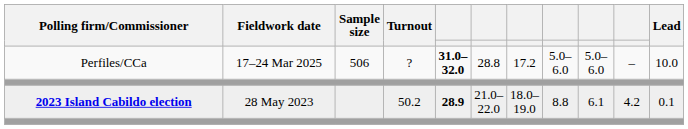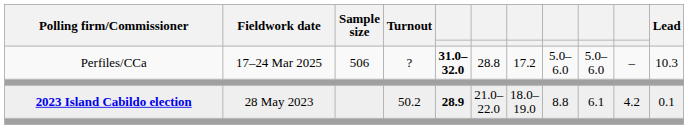 <table class="wikitable collapsible collapsed" style="text-align:center; font-size:95%; line-height:16px;">
 <tr style="height:42px;">
 <th style="width:250px;" rowspan="2">Polling firm/Commissioner</th>
 <th style="width:125px;" rowspan="2">Fieldwork date</th>
 <th style="width:50px;" rowspan="2">Sample size</th>
 <th style="width:45px;" rowspan="2">Turnout</th>
 <th style="width:35px;"></th>
 <th style="width:35px;"></th>
 <th style="width:35px;"></th>
 <th style="width:35px;"></th>
 <th style="width:35px;"></th>
 <th style="width:35px;"></th>
 <th style="width:30px;" rowspan="2">Lead</th>
 </tr>
 <tr>
 <th style="color:inherit;background:"></th>
 <th style="color:inherit;background:"></th>
 <th style="color:inherit;background:"></th>
 <th style="color:inherit;background:"></th>
 <th style="color:inherit;background:"></th>
 <th style="color:inherit;background:"></th>
 </tr>
 <tr>
 <td>Perfiles/CCa</td>
 <td>17–24 Mar 2025</td>
 <td>506</td>
 <td>?</td>
 <td><strong>31.0–<br>32.0</strong><br></td>
 <td>28.8<br></td>
 <td>17.2<br></td>
 <td>5.0–<br>6.0<br></td>
 <td>5.0–<br>6.0<br></td>
 <td>–</td>
-<td style="background:">10.0</td>
+<td style="background:">10.3</td>
 </tr>
 <tr>
 <td colspan="11" style="background:#A0A0A0"></td>
 </tr>
 <tr style="background:#EFEFEF;">
 <td><strong><a href='#'>2023 Island Cabildo election</a></strong></td>
 <td>28 May 2023</td>
 <td></td>
 <td>50.2</td>
 <td><strong>28.9</strong><br></td>
 <td>21.0–<br>22.0<br></td>
 <td>18.0–<br>19.0<br></td>
 <td>8.8<br></td>
 <td>6.1<br></td>
 <td>4.2<br></td>
 <td style="background:">0.1</td>
 </tr>
 <tr>
 <td colspan="11" style="background:#A0A0A0"></td>
 </tr>
 </table>
